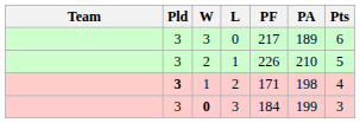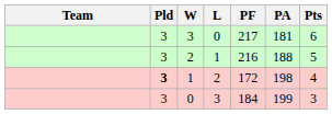 <table class="wikitable" style="text-align:center;">
 <tr>
 <th width=170>Team</th>
 <th width=25>Pld</th>
 <th width=25>W</th>
 <th width=25>L</th>
 <th width=35>PF</th>
 <th width=35>PA</th>
 <th width=25>Pts</th>
 </tr>
 <tr bgcolor=#ccffcc>
 <td align="left"></td>
 <td>3</td>
 <td>3</td>
 <td>0</td>
 <td>217</td>
-<td>189</td>
+<td>181</td>
 <td>6</td>
 </tr>
 <tr bgcolor=#ccffcc>
 <td align="left"></td>
 <td>3</td>
 <td>2</td>
 <td>1</td>
-<td>226</td>
-<td>210</td>
+<td>216</td>
+<td>188</td>
 <td>5</td>
 </tr>
 <tr bgcolor=#ffcccc>
 <td align="left"></td>
 <td><strong>3</strong></td>
 <td>1</td>
 <td>2</td>
-<td>171</td>
+<td>172</td>
 <td>198</td>
 <td>4</td>
 </tr>
 <tr bgcolor=#ffcccc>
 <td align="left"></td>
 <td>3</td>
-<td><strong>0</strong></td>
+<td>0</td>
 <td>3</td>
 <td>184</td>
 <td>199</td>
 <td>3</td>
 </tr>
 </table>
